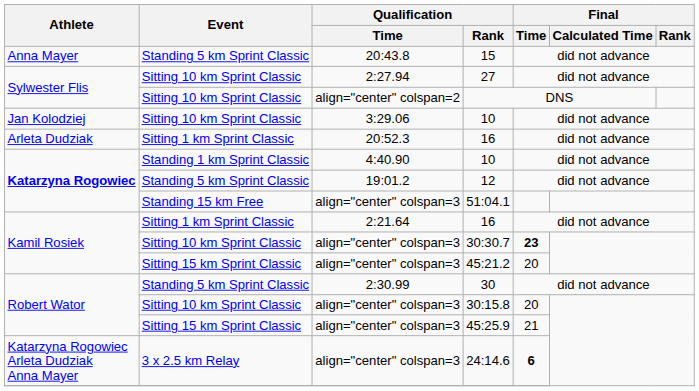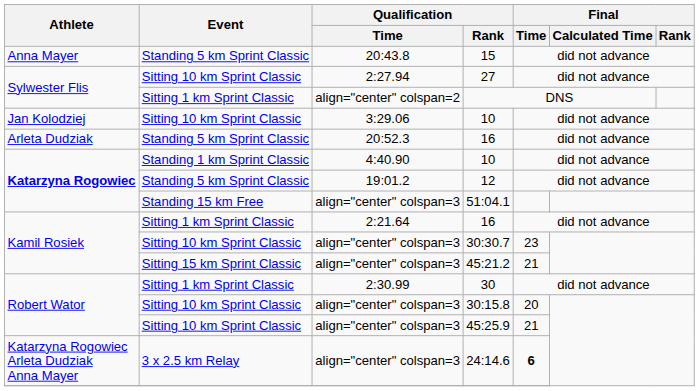 <table class="wikitable" style="font-size:90%">
 <tr>
 <th rowspan="2">Athlete</th>
 <th rowspan="2">Event</th>
 <th colspan="2">Qualification</th>
 <th colspan="3">Final</th>
 </tr>
 <tr>
 <th>Time</th>
 <th>Rank</th>
 <th>Time</th>
 <th>Calculated Time</th>
 <th>Rank</th>
 </tr>
 <tr>
 <td rowspan=1><a href='#'>Anna Mayer</a></td>
 <td rowspan=1><a href='#'>Standing 5 km Sprint Classic</a></td>
 <td align="center">20:43.8</td>
 <td align="center">15</td>
 <td align="center" colspan=3>did not advance</td>
 </tr>
 <tr>
 <td rowspan=2><a href='#'>Sylwester Flis</a></td>
 <td rowspan=1><a href='#'>Sitting 10 km Sprint Classic</a></td>
 <td align="center">2:27.94</td>
 <td align="center">27</td>
 <td align="center" colspan=3>did not advance</td>
 </tr>
 <tr>
-<td rowspan=1><a href='#'>Sitting 10 km Sprint Classic</a></td>
+<td rowspan=1><a href='#'>Sitting 1 km Sprint Classic</a></td>
 <td>align="center" colspan=2 </td>
 <td align="center" colspan=3>DNS</td>
 </tr>
 <tr>
 <td rowspan=1><a href='#'>Jan Kolodziej</a></td>
 <td rowspan=1><a href='#'>Sitting 10 km Sprint Classic</a></td>
 <td align="center">3:29.06</td>
 <td align="center">10</td>
 <td align="center" colspan=3>did not advance</td>
 </tr>
 <tr>
 <td rowspan=1><a href='#'>Arleta Dudziak</a></td>
-<td rowspan=1><a href='#'>Sitting 1 km Sprint Classic</a></td>
+<td rowspan=1><a href='#'>Standing 5 km Sprint Classic</a></td>
 <td align="center">20:52.3</td>
 <td align="center">16</td>
 <td align="center" colspan=3>did not advance</td>
 </tr>
 <tr>
 <td rowspan=3><strong><a href='#'>Katarzyna Rogowiec</a></strong></td>
 <td rowspan=1><a href='#'>Standing 1 km Sprint Classic</a></td>
 <td align="center">4:40.90</td>
 <td align="center">10</td>
 <td align="center" colspan=3>did not advance</td>
 </tr>
 <tr>
 <td rowspan=1><a href='#'>Standing 5 km Sprint Classic</a></td>
 <td align="center">19:01.2</td>
 <td align="center">12</td>
 <td align="center" colspan=3>did not advance</td>
 </tr>
 <tr>
 <td rowspan=1><a href='#'>Standing 15 km Free</a></td>
 <td>align="center" colspan=3 </td>
 <td align="center">51:04.1</td>
 <td align="center"></td>
 </tr>
 <tr>
 <td rowspan=3><a href='#'>Kamil Rosiek</a></td>
 <td rowspan=1><a href='#'>Sitting 1 km Sprint Classic</a></td>
 <td align="center">2:21.64</td>
 <td align="center">16</td>
 <td align="center" colspan=3>did not advance</td>
 </tr>
 <tr>
 <td rowspan=1><a href='#'>Sitting 10 km Sprint Classic</a></td>
 <td>align="center" colspan=3 </td>
 <td align="center">30:30.7</td>
-<td align="center"><strong>23</strong></td>
+<td align="center">23</td>
 </tr>
 <tr>
 <td rowspan=1><a href='#'>Sitting 15 km Sprint Classic</a></td>
 <td>align="center" colspan=3 </td>
 <td align="center">45:21.2</td>
-<td align="center">20</td>
+<td align="center">21</td>
 </tr>
 <tr>
 <td rowspan=3><a href='#'>Robert Wator</a></td>
-<td rowspan=1><a href='#'>Standing 5 km Sprint Classic</a></td>
+<td rowspan=1><a href='#'>Sitting 1 km Sprint Classic</a></td>
 <td align="center">2:30.99</td>
 <td align="center">30</td>
 <td align="center" colspan=3>did not advance</td>
 </tr>
 <tr>
 <td rowspan=1><a href='#'>Sitting 10 km Sprint Classic</a></td>
 <td>align="center" colspan=3 </td>
 <td align="center">30:15.8</td>
 <td align="center">20</td>
 </tr>
 <tr>
-<td rowspan=1><a href='#'>Sitting 15 km Sprint Classic</a></td>
+<td rowspan=1><a href='#'>Sitting 10 km Sprint Classic</a></td>
 <td>align="center" colspan=3 </td>
 <td align="center">45:25.9</td>
 <td align="center">21</td>
 </tr>
 <tr>
 <td rowspan=1><a href='#'>Katarzyna Rogowiec</a><br><a href='#'>Arleta Dudziak</a><br><a href='#'>Anna Mayer</a></td>
 <td rowspan=1><a href='#'>3 x 2.5 km Relay</a></td>
 <td>align="center" colspan=3 </td>
 <td align="center">24:14.6</td>
 <td align="center"><strong>6</strong></td>
 </tr>
 <tr>
 </tr>
 </table>
